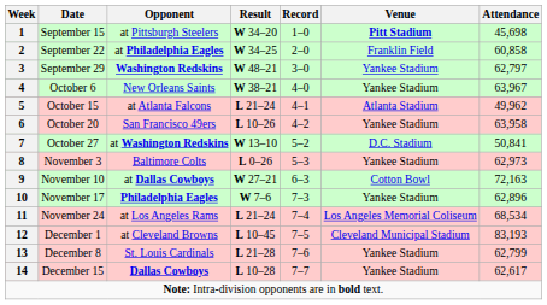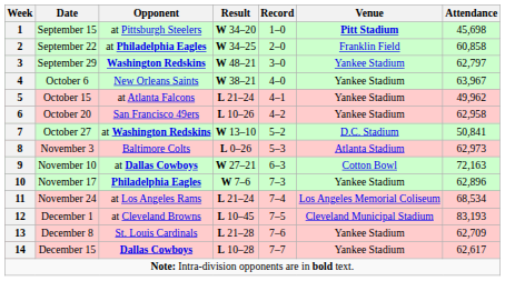 <table class="wikitable" style="text-align:center">
 <tr>
 <th>Week</th>
 <th>Date</th>
 <th>Opponent</th>
 <th>Result</th>
 <th>Record</th>
 <th>Venue</th>
 <th>Attendance</th>
 </tr>
 <tr style="background:#cfc">
 <th>1</th>
 <td>September 15</td>
 <td>at <a href='#'>Pittsburgh Steelers</a></td>
 <td><strong>W</strong> 34–20</td>
 <td>1–0</td>
 <td><strong><a href='#'>Pitt Stadium</a></strong></td>
 <td>45,698</td>
 </tr>
 <tr style="background:#cfc">
 <th>2</th>
 <td>September 22</td>
 <td>at <strong><a href='#'>Philadelphia Eagles</a></strong></td>
 <td><strong>W</strong> 34–25</td>
 <td>2–0</td>
 <td><a href='#'>Franklin Field</a></td>
 <td>60,858</td>
 </tr>
 <tr style="background:#cfc">
 <th>3</th>
 <td>September 29</td>
 <td><strong><a href='#'>Washington Redskins</a></strong></td>
 <td><strong>W</strong> 48–21</td>
 <td>3–0</td>
 <td><a href='#'>Yankee Stadium</a></td>
 <td>62,797</td>
 </tr>
 <tr style="background:#cfc">
 <th>4</th>
 <td>October 6</td>
 <td><a href='#'>New Orleans Saints</a></td>
 <td><strong>W</strong> 38–21</td>
 <td>4–0</td>
 <td>Yankee Stadium</td>
 <td>63,967</td>
 </tr>
 <tr style="background:#fcc">
 <th>5</th>
 <td>October 15</td>
 <td>at <a href='#'>Atlanta Falcons</a></td>
 <td><strong>L</strong> 21–24</td>
 <td>4–1</td>
-<td><a href='#'>Atlanta Stadium</a></td>
+<td>Yankee Stadium</td>
 <td>49,962</td>
 </tr>
 <tr style="background:#fcc">
 <th>6</th>
 <td>October 20</td>
 <td><a href='#'>San Francisco 49ers</a></td>
 <td><strong>L</strong> 10–26</td>
 <td>4–2</td>
 <td>Yankee Stadium</td>
-<td>63,958</td>
+<td>62,958</td>
 </tr>
 <tr style="background:#cfc">
 <th>7</th>
 <td>October 27</td>
 <td>at <strong><a href='#'>Washington Redskins</a></strong></td>
 <td><strong>W</strong> 13–10</td>
 <td>5–2</td>
 <td><a href='#'>D.C. Stadium</a></td>
 <td>50,841</td>
 </tr>
 <tr style="background:#fcc">
 <th>8</th>
 <td>November 3</td>
 <td><a href='#'>Baltimore Colts</a></td>
 <td><strong>L</strong> 0–26</td>
 <td>5–3</td>
-<td>Yankee Stadium</td>
+<td><a href='#'>Atlanta Stadium</a></td>
 <td>62,973</td>
 </tr>
 <tr style="background:#cfc">
 <th>9</th>
 <td>November 10</td>
 <td>at <strong><a href='#'>Dallas Cowboys</a></strong></td>
 <td><strong>W</strong> 27–21</td>
 <td>6–3</td>
 <td><a href='#'>Cotton Bowl</a></td>
 <td>72,163</td>
 </tr>
 <tr style="background:#cfc">
 <th>10</th>
 <td>November 17</td>
 <td><strong><a href='#'>Philadelphia Eagles</a></strong></td>
 <td><strong>W</strong> 7–6</td>
 <td>7–3</td>
 <td>Yankee Stadium</td>
 <td>62,896</td>
 </tr>
 <tr style="background:#fcc">
 <th>11</th>
 <td>November 24</td>
 <td>at <a href='#'>Los Angeles Rams</a></td>
 <td><strong>L</strong> 21–24</td>
 <td>7–4</td>
 <td><a href='#'>Los Angeles Memorial Coliseum</a></td>
 <td>68,534</td>
 </tr>
 <tr style="background:#fcc">
 <th>12</th>
 <td>December 1</td>
 <td>at <a href='#'>Cleveland Browns</a></td>
 <td><strong>L</strong> 10–45</td>
 <td>7–5</td>
 <td><a href='#'>Cleveland Municipal Stadium</a></td>
 <td>83,193</td>
 </tr>
 <tr style="background:#fcc">
 <th>13</th>
 <td>December 8</td>
 <td><a href='#'>St. Louis Cardinals</a></td>
 <td><strong>L</strong> 21–28</td>
 <td>7–6</td>
 <td>Yankee Stadium</td>
-<td>62,799</td>
+<td>62,709</td>
 </tr>
 <tr style="background:#fcc">
 <th>14</th>
 <td>December 15</td>
 <td><strong><a href='#'>Dallas Cowboys</a></strong></td>
 <td><strong>L</strong> 10–28</td>
 <td>7–7</td>
 <td>Yankee Stadium</td>
 <td>62,617</td>
 </tr>
 <tr>
 <td colspan="8"><strong>Note:</strong> Intra-division opponents are in <strong>bold</strong> text.</td>
 </tr>
 </table>
